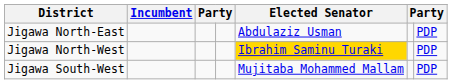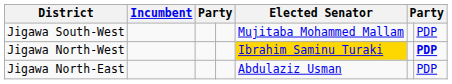 <table class="sortable wikitable" style="font-size:95%;line-height:14px;">
 <tr>
 <th class="unsortable">District</th>
 <th class="unsortable"><a href='#'>Incumbent</a></th>
 <th colspan="2">Party</th>
 <th class="unsortable">Elected Senator</th>
 <th colspan="2">Party</th>
+</tr>
+<tr>
+<td>Jigawa South-West</td>
+<td></td>
+<td></td>
+<td></td>
+<td><a href='#'>Mujitaba Mohammed Mallam</a></td>
+<td style="background:"></td>
+<td><a href='#'>PDP</a></td>
+</tr>
+<tr>
+<td>Jigawa North-West</td>
+<td></td>
+<td></td>
+<td></td>
+<td style="background: gold;"><a href='#'>Ibrahim Saminu Turaki</a></td>
+<td style="background:"></td>
+<td><strong><a href='#'>PDP</a></strong></td>
 </tr>
 <tr>
 <td>Jigawa North-East</td>
 <td></td>
 <td></td>
 <td></td>
 <td><a href='#'>Abdulaziz Usman</a></td>
 <td style="background:"></td>
 <td><a href='#'>PDP</a></td>
 </tr>
-<tr>
-<td>Jigawa North-West</td>
-<td></td>
-<td></td>
-<td></td>
-<td style="background: gold;"><a href='#'>Ibrahim Saminu Turaki</a></td>
-<td style="background:"></td>
-<td><a href='#'>PDP</a></td>
-</tr>
-<tr>
-<td>Jigawa South-West</td>
-<td></td>
-<td></td>
-<td></td>
-<td><a href='#'>Mujitaba Mohammed Mallam</a></td>
-<td style="background:"></td>
-<td><a href='#'>PDP</a></td>
-</tr>
 </table>
